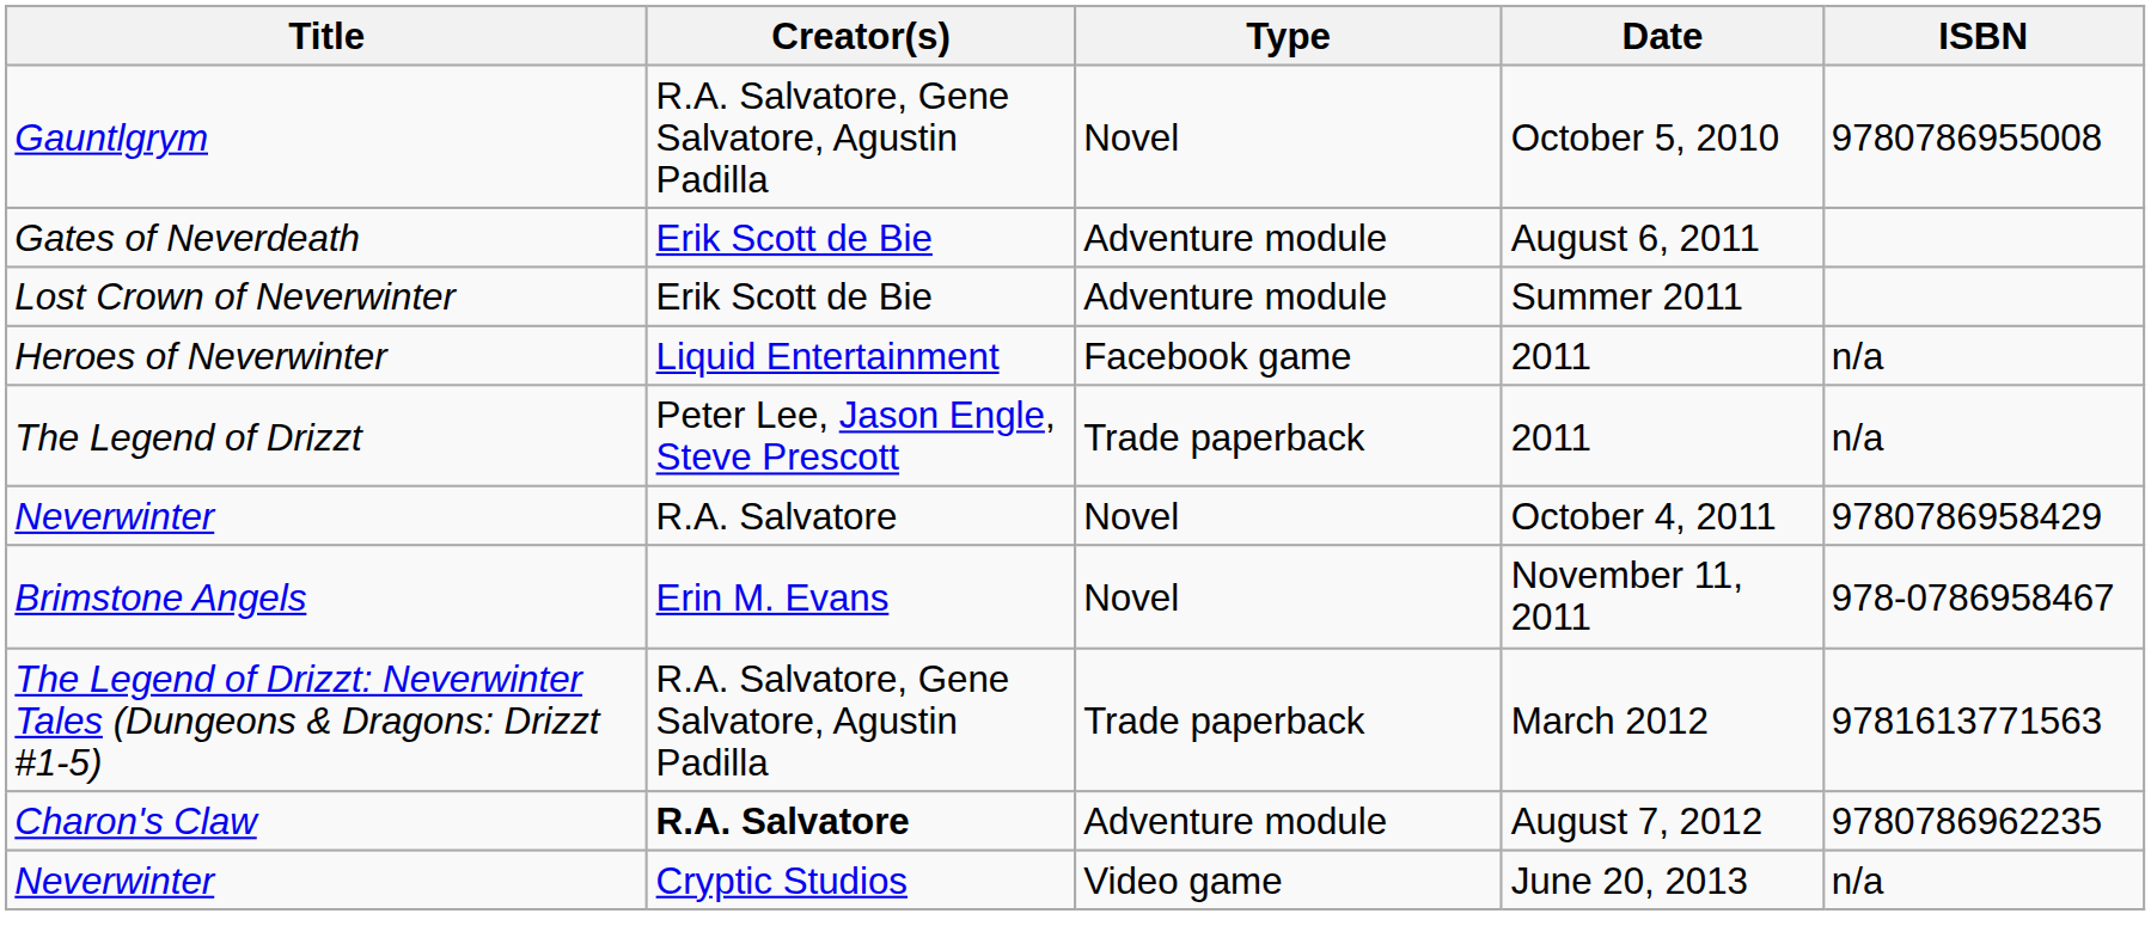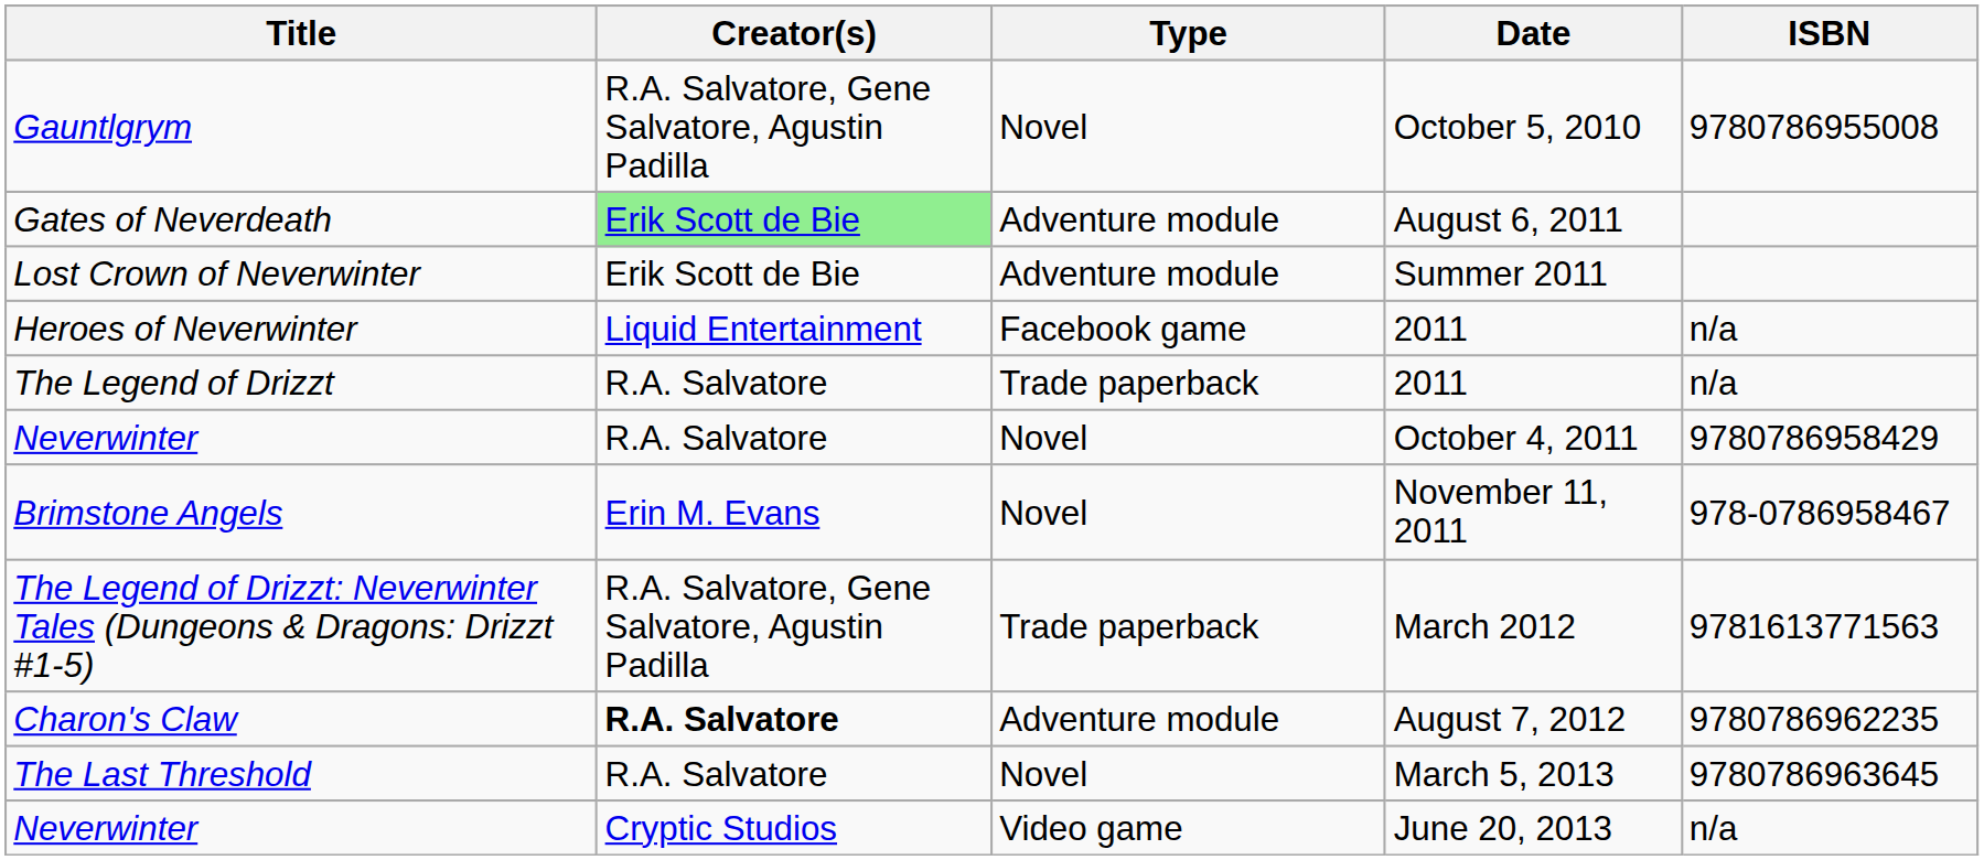 <table class="wikitable sortable" style="margins:auto; width=95%; font-size: 95%;">
 <tr>
 <th width="30%">Title</th>
 <th width="20%">Creator(s)</th>
 <th width="20%">Type</th>
 <th width="15%">Date</th>
 <th width="15%">ISBN</th>
 </tr>
 <tr>
 <td><em><a href='#'>Gauntlgrym</a></em></td>
 <td>R.A. Salvatore, Gene Salvatore, Agustin Padilla</td>
 <td>Novel</td>
 <td>October 5, 2010</td>
 <td>9780786955008</td>
 </tr>
 <tr>
 <td><em>Gates of Neverdeath</em></td>
-<td><a href='#'>Erik Scott de Bie</a></td>
+<td style="background: lightgreen;"><a href='#'>Erik Scott de Bie</a></td>
 <td>Adventure module</td>
 <td>August 6, 2011</td>
 <td></td>
 </tr>
 <tr>
 <td><em>Lost Crown of Neverwinter</em></td>
 <td>Erik Scott de Bie</td>
 <td>Adventure module</td>
 <td>Summer 2011</td>
 <td></td>
 </tr>
 <tr>
 <td><em>Heroes of Neverwinter</em></td>
 <td><a href='#'>Liquid Entertainment</a></td>
 <td>Facebook game</td>
 <td>2011</td>
 <td>n/a</td>
 </tr>
 <tr>
 <td><em>The Legend of Drizzt</em></td>
-<td>Peter Lee, <a href='#'>Jason Engle</a>, <a href='#'>Steve Prescott</a></td>
+<td>R.A. Salvatore</td>
 <td>Trade paperback</td>
 <td>2011</td>
 <td>n/a</td>
 </tr>
 <tr>
 <td><em><a href='#'>Neverwinter</a></em></td>
 <td>R.A. Salvatore</td>
 <td>Novel</td>
 <td>October 4, 2011</td>
 <td>9780786958429</td>
 </tr>
 <tr>
 <td><em><a href='#'>Brimstone Angels</a></em></td>
 <td><a href='#'>Erin M. Evans</a></td>
 <td>Novel</td>
 <td>November 11, 2011</td>
 <td>978-0786958467</td>
 </tr>
 <tr>
 <td><em><a href='#'>The Legend of Drizzt: Neverwinter Tales</a> (Dungeons & Dragons: Drizzt #1-5)</em></td>
 <td>R.A. Salvatore, Gene Salvatore, Agustin Padilla</td>
 <td>Trade paperback</td>
 <td>March 2012</td>
 <td>9781613771563</td>
 </tr>
 <tr>
 <td><em><a href='#'>Charon's Claw</a></em></td>
 <td><strong>R.A. Salvatore</strong></td>
 <td>Adventure module</td>
 <td>August 7, 2012</td>
 <td>9780786962235</td>
 </tr>
 <tr>
+<td><em><a href='#'>The Last Threshold</a></em></td>
+<td>R.A. Salvatore</td>
+<td>Novel</td>
+<td>March 5, 2013</td>
+<td>9780786963645</td>
+</tr>
+<tr>
 <td><em><a href='#'>Neverwinter</a></em></td>
 <td><a href='#'>Cryptic Studios</a></td>
 <td>Video game</td>
 <td>June 20, 2013</td>
 <td>n/a</td>
 </tr>
 </table>
